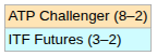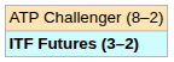 <table class=wikitable style=font-size:97%>
 <tr bgcolor=moccasin>
 <td>ATP Challenger (8–2)</td>
 </tr>
 <tr bgcolor=CFFCFF>
-<td>ITF Futures (3–2)</td>
+<td><strong>ITF Futures (3–2)</strong></td>
 </tr>
 </table>
